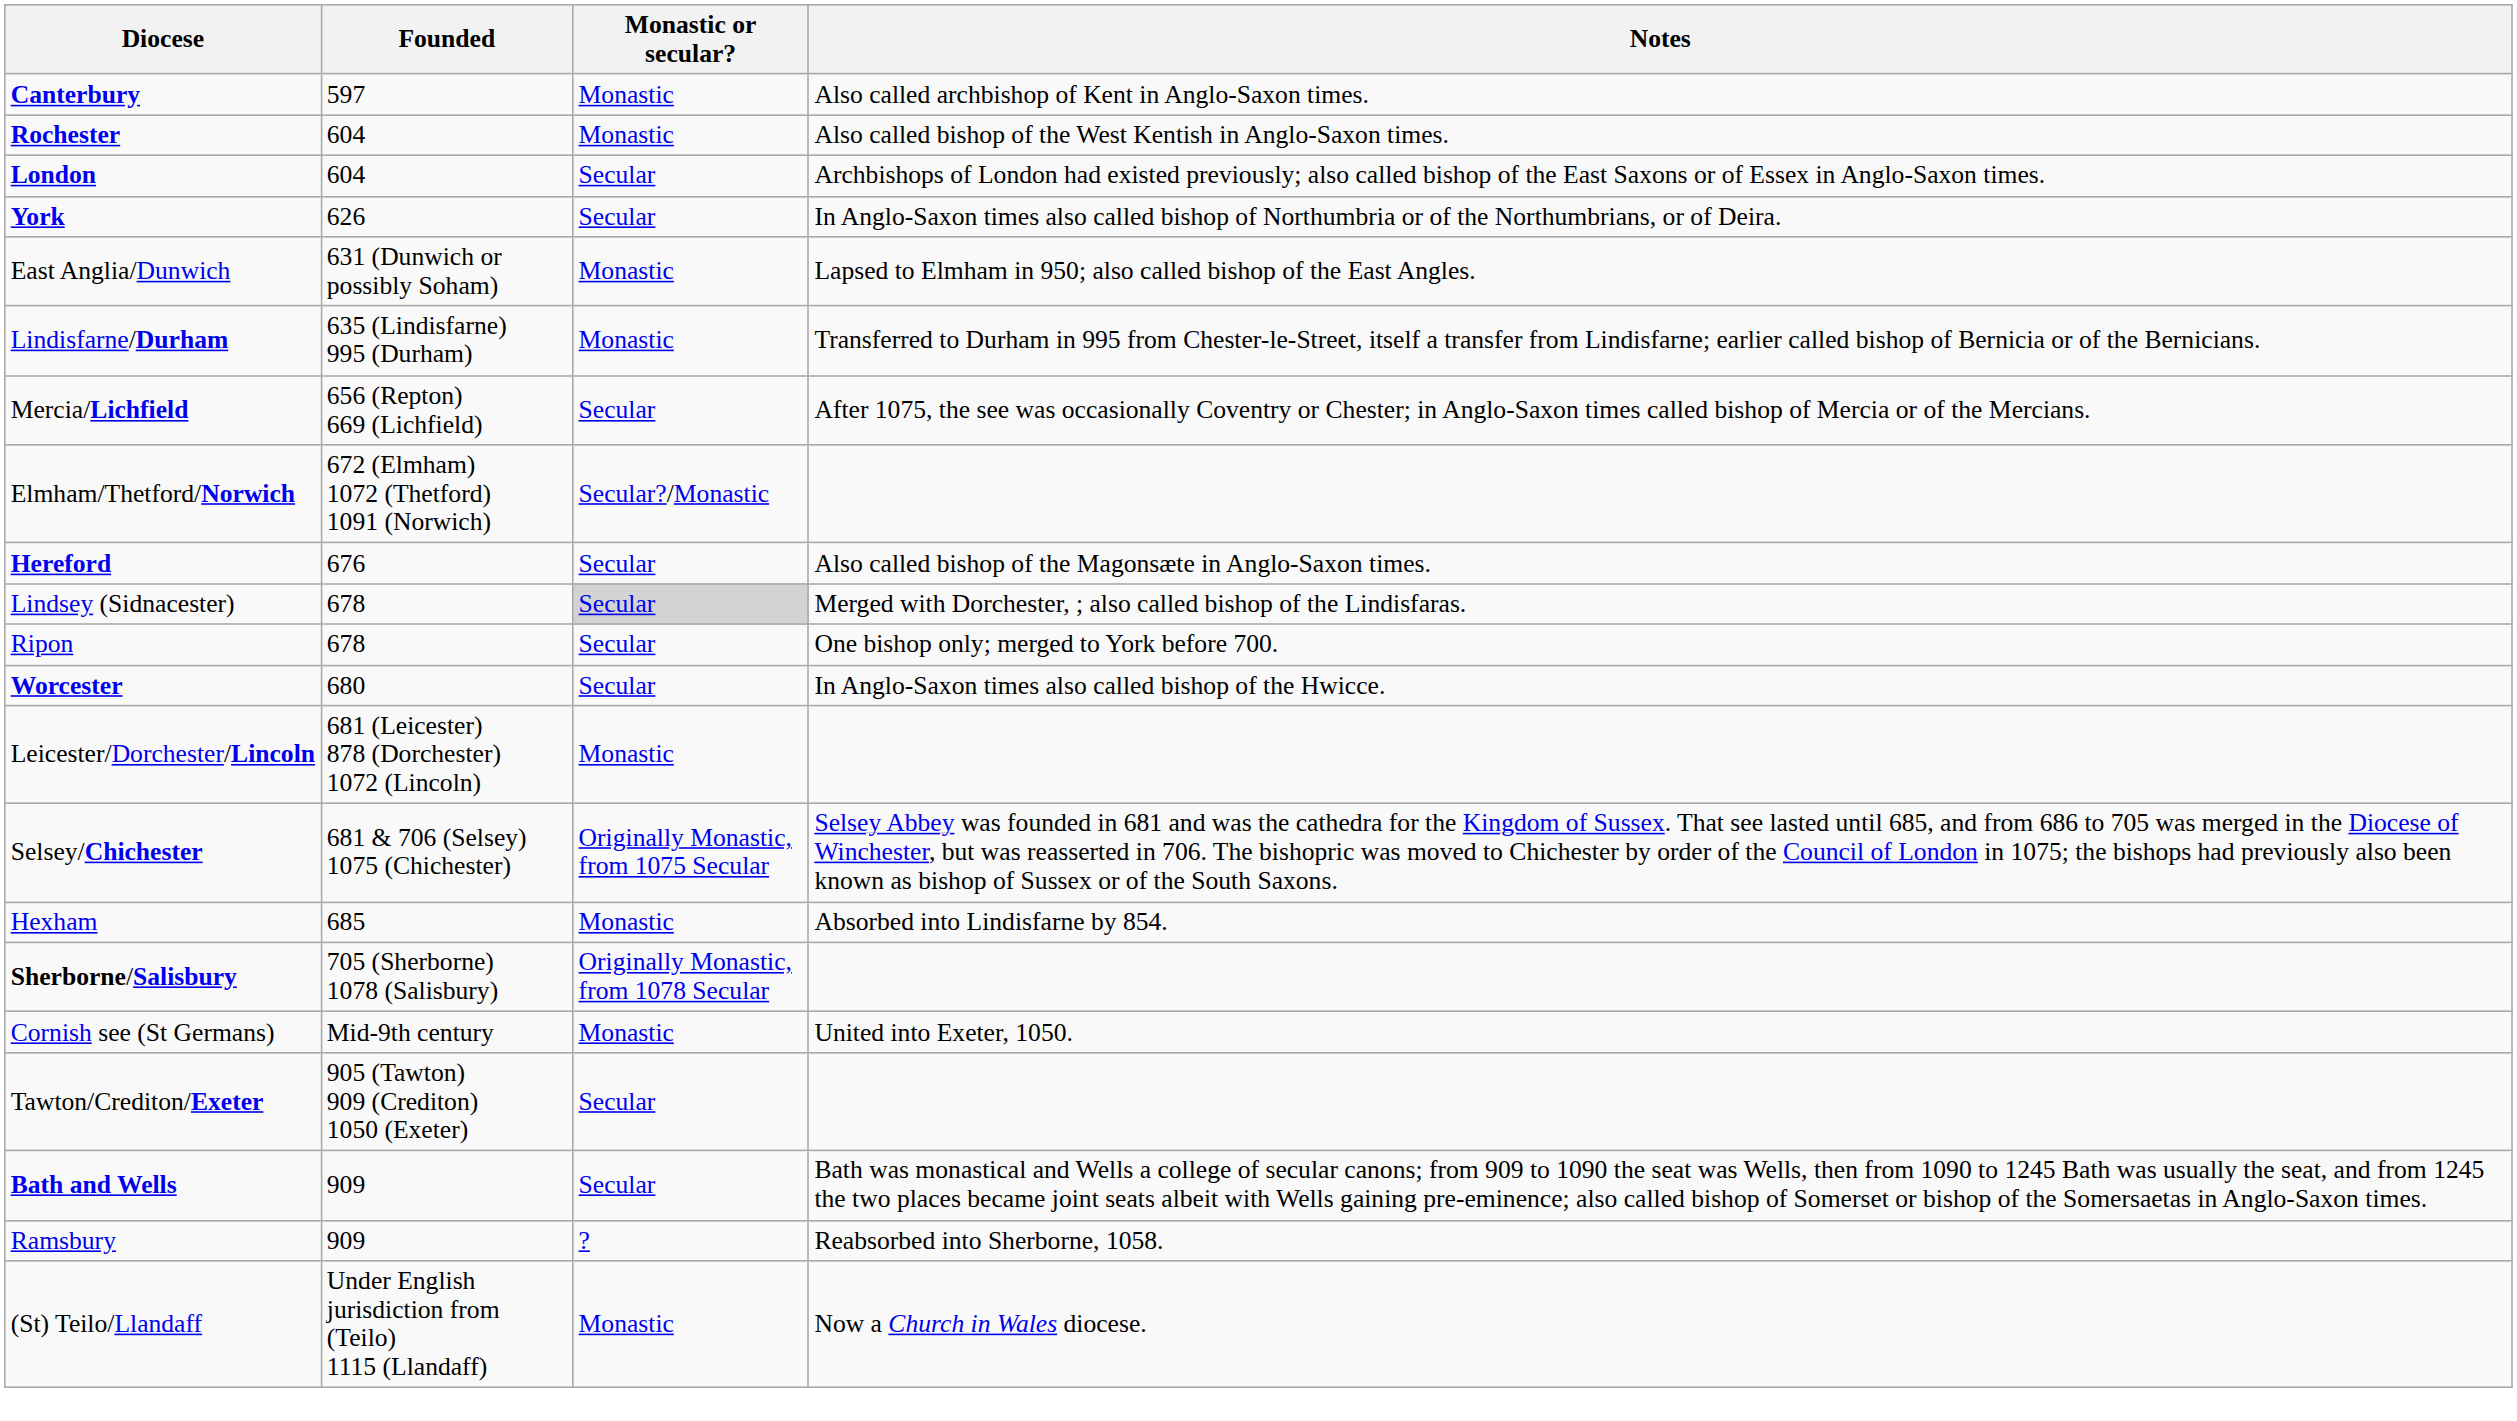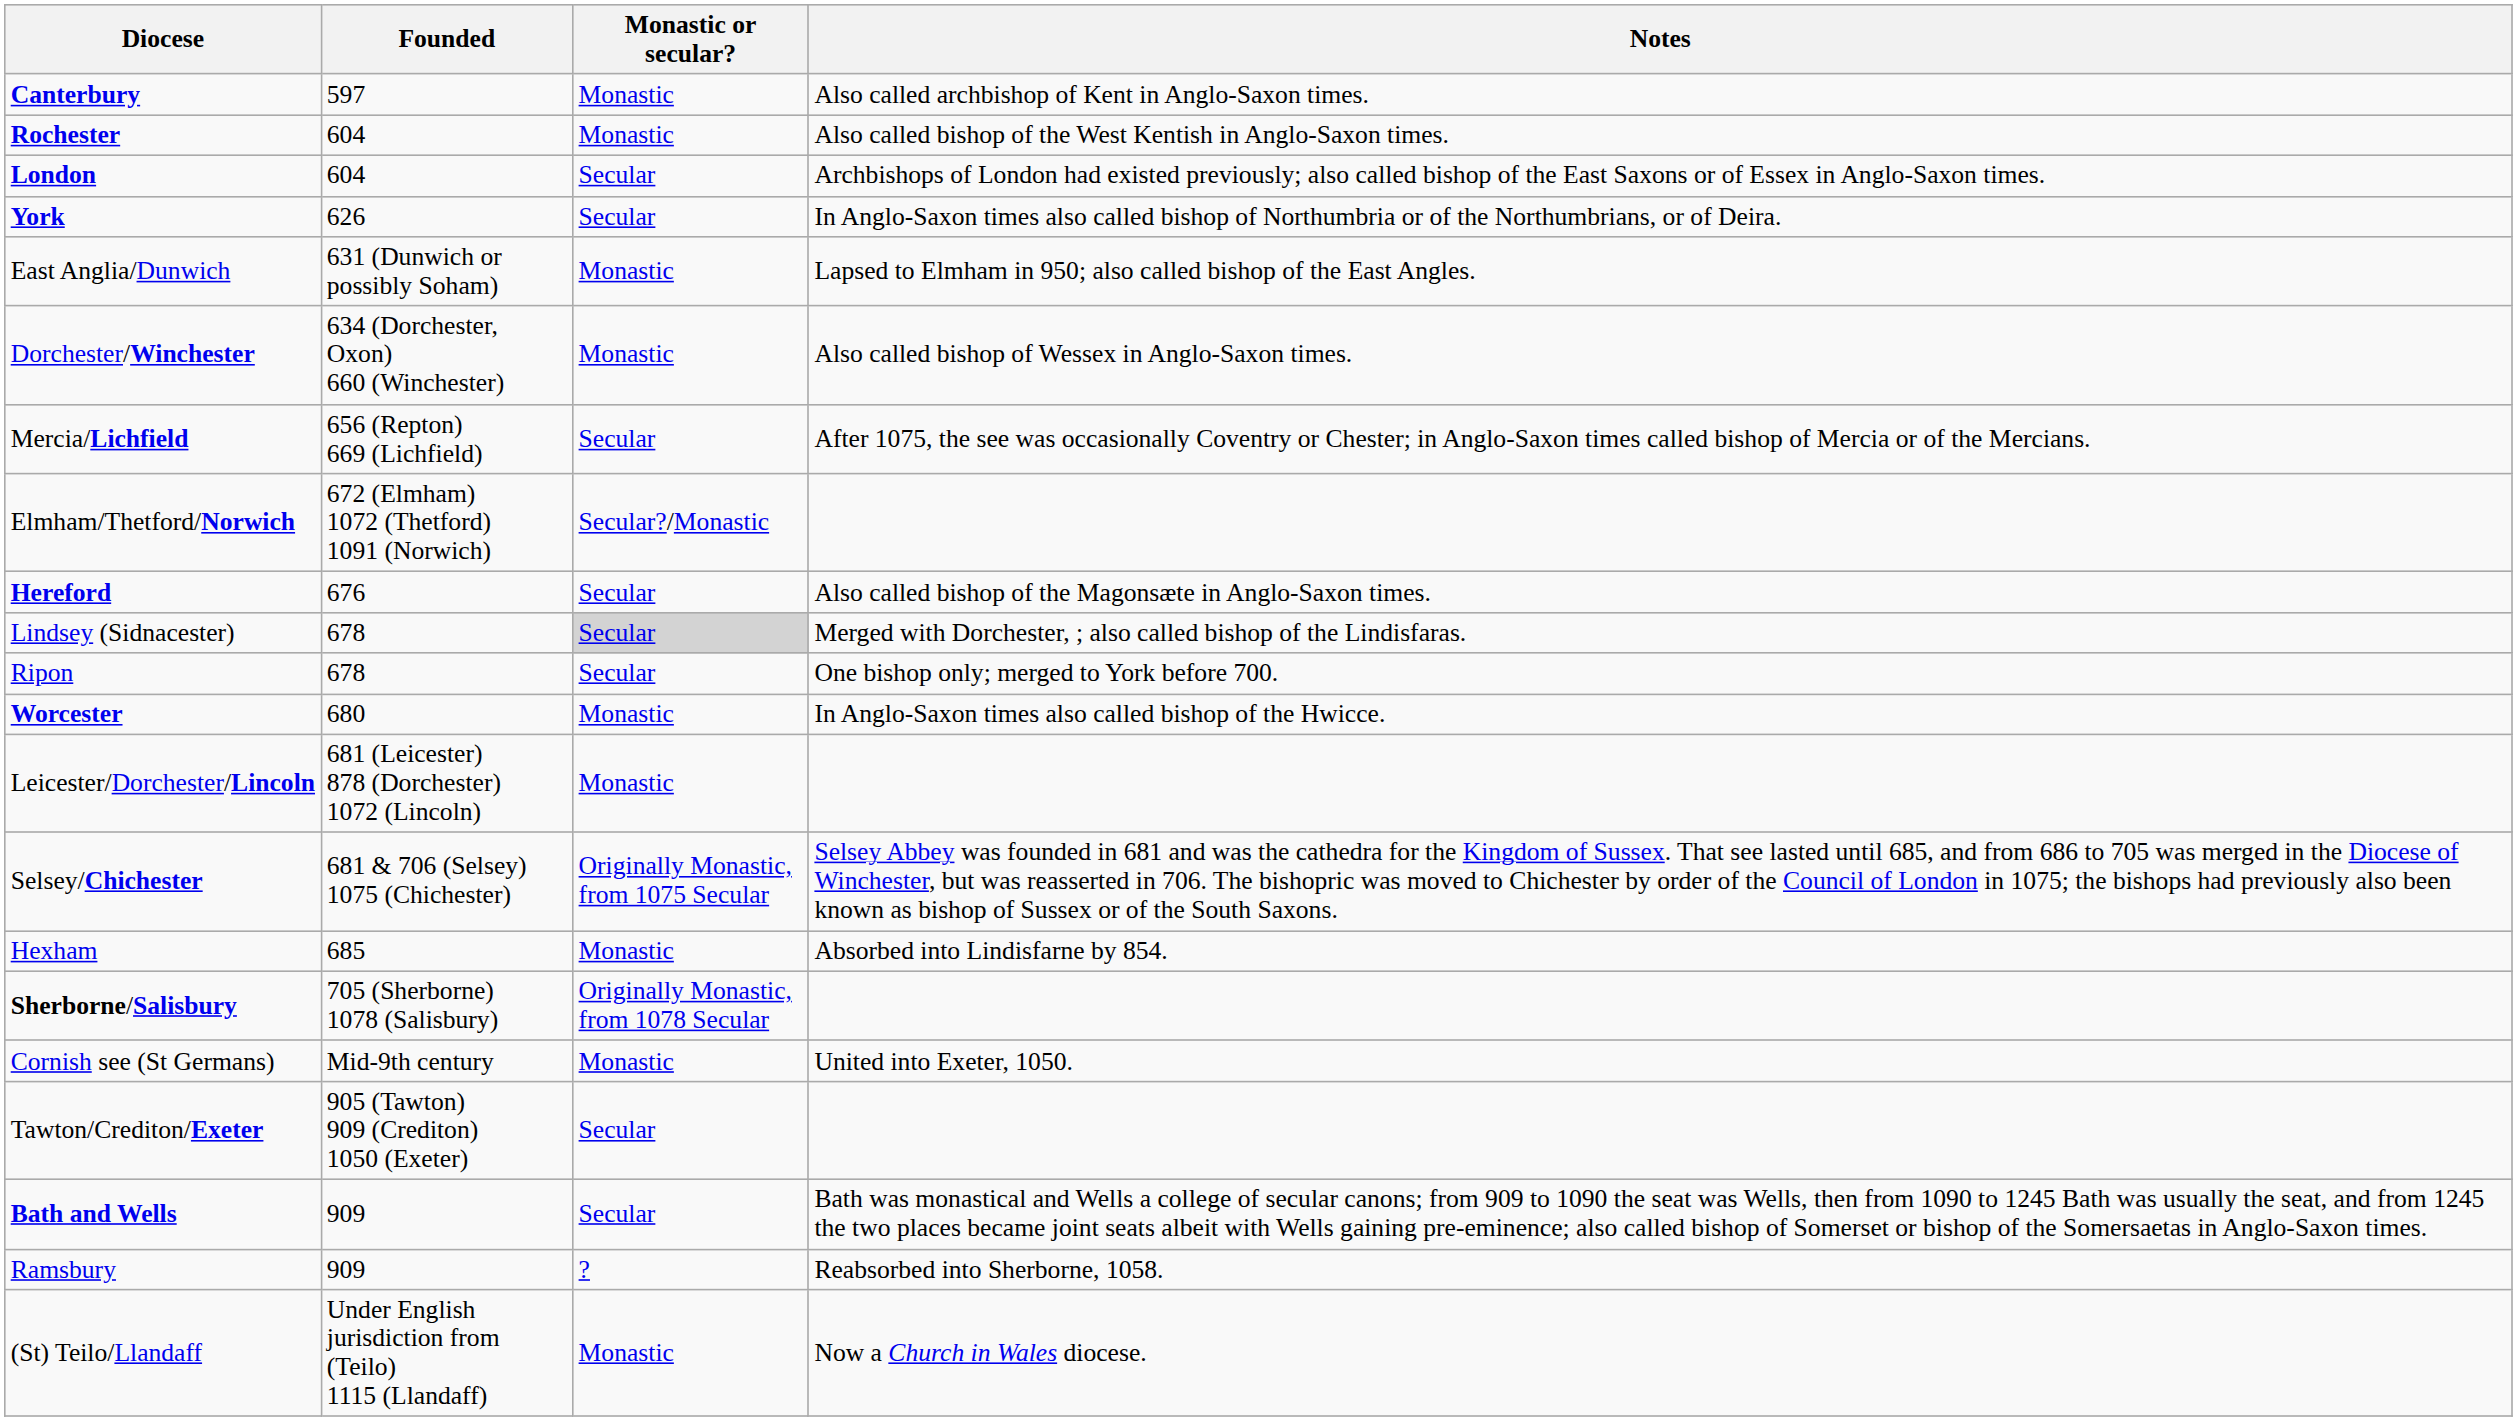 <table class="wikitable">
 <tr>
 <th width="180">Diocese</th>
 <th width="150">Founded</th>
 <th width="140">Monastic or secular?</th>
 <th>Notes</th>
 </tr>
 <tr>
 <td><strong><a href='#'>Canterbury</a></strong></td>
 <td>597</td>
 <td><a href='#'>Monastic</a></td>
 <td>Also called archbishop of Kent in Anglo-Saxon times.</td>
 </tr>
 <tr>
 <td><strong><a href='#'>Rochester</a></strong></td>
 <td>604</td>
 <td><a href='#'>Monastic</a></td>
 <td>Also called bishop of the West Kentish in Anglo-Saxon times.</td>
 </tr>
 <tr>
 <td><strong><a href='#'>London</a></strong></td>
 <td>604</td>
 <td><a href='#'>Secular</a></td>
 <td>Archbishops of London had existed previously; also called bishop of the East Saxons or of Essex in Anglo-Saxon times.</td>
 </tr>
 <tr>
 <td><strong><a href='#'>York</a></strong></td>
 <td>626</td>
 <td><a href='#'>Secular</a></td>
 <td>In Anglo-Saxon times also called bishop of Northumbria or of the Northumbrians, or of Deira.</td>
 </tr>
 <tr>
 <td>East Anglia/<a href='#'>Dunwich</a></td>
 <td>631 (Dunwich or possibly Soham)</td>
 <td><a href='#'>Monastic</a></td>
 <td>Lapsed to Elmham in 950; also called bishop of the East Angles.</td>
 </tr>
 <tr>
-<td><a href='#'>Lindisfarne</a>/<strong><a href='#'>Durham</a></strong></td>
-<td>635 (Lindisfarne)<br>995 (Durham)</td>
+<td><a href='#'>Dorchester</a>/<strong><a href='#'>Winchester</a></strong></td>
+<td>634 (Dorchester, Oxon)<br>660 (Winchester)</td>
 <td><a href='#'>Monastic</a></td>
-<td>Transferred to Durham in 995 from Chester-le-Street, itself a transfer from Lindisfarne; earlier called bishop of Bernicia or of the Bernicians.</td>
+<td>Also called bishop of Wessex in Anglo-Saxon times.</td>
 </tr>
 <tr>
 <td>Mercia/<strong><a href='#'>Lichfield</a></strong></td>
 <td>656 (Repton)<br>669 (Lichfield)</td>
 <td><a href='#'>Secular</a></td>
 <td>After 1075, the see was occasionally Coventry or Chester; in Anglo-Saxon times called bishop of Mercia or of the Mercians.</td>
 </tr>
 <tr>
 <td>Elmham/Thetford/<strong><a href='#'>Norwich</a></strong></td>
 <td>672 (Elmham)<br>1072 (Thetford)<br>1091 (Norwich)</td>
 <td><a href='#'>Secular?</a>/<a href='#'>Monastic</a></td>
 <td></td>
 </tr>
 <tr>
 <td><strong><a href='#'>Hereford</a></strong></td>
 <td>676</td>
 <td><a href='#'>Secular</a></td>
 <td>Also called bishop of the Magonsæte in Anglo-Saxon times.</td>
 </tr>
 <tr>
 <td><a href='#'>Lindsey</a> (Sidnacester)</td>
 <td>678</td>
 <td style="background: lightgrey;"><a href='#'>Secular</a></td>
 <td>Merged with Dorchester, ; also called bishop of the Lindisfaras.</td>
 </tr>
 <tr>
 <td><a href='#'>Ripon</a></td>
 <td>678</td>
 <td><a href='#'>Secular</a></td>
 <td>One bishop only; merged to York before 700.</td>
 </tr>
 <tr>
 <td><strong><a href='#'>Worcester</a></strong></td>
 <td>680</td>
-<td><a href='#'>Secular</a></td>
+<td><a href='#'>Monastic</a></td>
 <td>In Anglo-Saxon times also called bishop of the Hwicce.</td>
 </tr>
 <tr>
 <td>Leicester/<a href='#'>Dorchester</a>/<strong><a href='#'>Lincoln</a></strong></td>
 <td>681 (Leicester)<br>878 (Dorchester)<br>1072 (Lincoln)</td>
 <td><a href='#'>Monastic</a></td>
 <td></td>
 </tr>
 <tr>
 <td>Selsey/<strong><a href='#'>Chichester</a></strong></td>
 <td>681 & 706 (Selsey)<br>1075 (Chichester)</td>
 <td><a href='#'> Originally Monastic,  from 1075 Secular</a></td>
 <td><a href='#'>Selsey Abbey</a> was founded in 681 and was the cathedra for the <a href='#'>Kingdom of Sussex</a>. That see lasted until 685, and from 686 to 705 was merged in the <a href='#'>Diocese of Winchester</a>, but was reasserted in 706. The bishopric was moved to Chichester by order of the <a href='#'>Council of London</a> in 1075; the bishops had previously also been known as bishop of Sussex or of the South Saxons.</td>
 </tr>
 <tr>
 <td><a href='#'>Hexham</a></td>
 <td>685</td>
 <td><a href='#'>Monastic</a></td>
 <td>Absorbed into Lindisfarne by 854.</td>
 </tr>
 <tr>
 <td><strong>Sherborne</strong>/<strong><a href='#'>Salisbury</a></strong></td>
 <td>705 (Sherborne)<br>1078 (Salisbury)</td>
 <td><a href='#'>Originally Monastic, from 1078 Secular</a></td>
 <td></td>
 </tr>
 <tr>
 <td><a href='#'>Cornish</a> see (St Germans)</td>
 <td>Mid-9th century</td>
 <td><a href='#'>Monastic</a></td>
 <td>United into Exeter, 1050.</td>
 </tr>
 <tr>
 <td>Tawton/Crediton/<strong><a href='#'>Exeter</a></strong></td>
 <td>905 (Tawton)<br>909 (Crediton)<br>1050 (Exeter)</td>
 <td><a href='#'>Secular</a></td>
 <td></td>
 </tr>
 <tr>
 <td><strong><a href='#'>Bath and Wells</a></strong></td>
 <td>909</td>
 <td><a href='#'>Secular</a></td>
 <td>Bath was monastical and Wells a college of secular canons; from 909 to 1090 the seat was Wells, then from 1090 to 1245 Bath was usually the seat, and from 1245 the two places became joint seats albeit with Wells gaining pre-eminence; also called bishop of Somerset or bishop of the Somersaetas in Anglo-Saxon times.</td>
 </tr>
 <tr>
 <td><a href='#'>Ramsbury</a></td>
 <td>909</td>
 <td><a href='#'>?</a></td>
 <td>Reabsorbed into Sherborne, 1058.</td>
 </tr>
 <tr>
 <td>(St) Teilo/<a href='#'>Llandaff</a></td>
 <td>Under English jurisdiction from  (Teilo)<br>1115 (Llandaff)</td>
 <td><a href='#'>Monastic</a></td>
 <td>Now a <em><a href='#'>Church in Wales</a></em> diocese.</td>
 </tr>
 </table>
